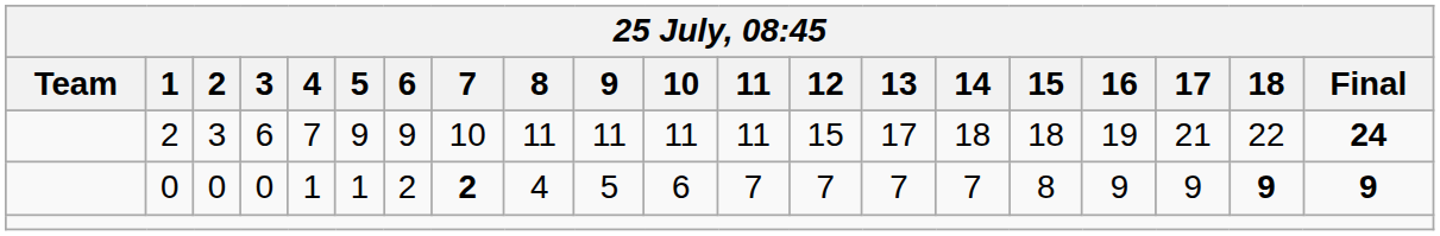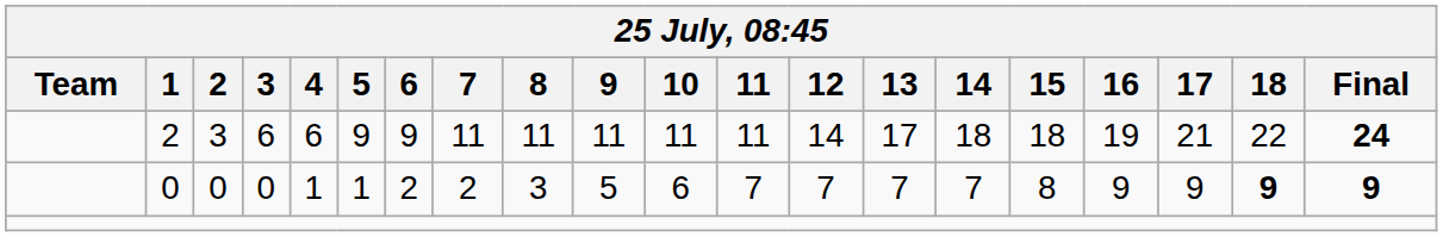 <table class=wikitable style="text-align:center; width: 55%">
 <tr>
 <th colspan=20><em>25 July, 08:45</em></th>
 </tr>
 <tr>
 <th>Team</th>
 <th>1</th>
 <th>2</th>
 <th>3</th>
 <th>4</th>
 <th>5</th>
 <th>6</th>
 <th>7</th>
 <th>8</th>
 <th>9</th>
 <th>10</th>
 <th>11</th>
 <th>12</th>
 <th>13</th>
 <th>14</th>
 <th>15</th>
 <th>16</th>
 <th>17</th>
 <th>18</th>
 <th>Final</th>
 </tr>
 <tr>
 <td align=left><strong></strong></td>
 <td>2</td>
 <td>3</td>
 <td>6</td>
-<td>7</td>
+<td>6</td>
 <td>9</td>
 <td>9</td>
-<td>10</td>
 <td>11</td>
 <td>11</td>
 <td>11</td>
 <td>11</td>
-<td>15</td>
+<td>11</td>
+<td>14</td>
 <td>17</td>
 <td>18</td>
 <td>18</td>
 <td>19</td>
 <td>21</td>
 <td>22</td>
 <td><strong>24</strong></td>
 </tr>
 <tr>
 <td align=left></td>
 <td>0</td>
 <td>0</td>
 <td>0</td>
 <td>1</td>
 <td>1</td>
 <td>2</td>
-<td><strong>2</strong></td>
-<td>4</td>
+<td>2</td>
+<td>3</td>
 <td>5</td>
 <td>6</td>
 <td>7</td>
 <td>7</td>
 <td>7</td>
 <td>7</td>
 <td>8</td>
 <td>9</td>
 <td>9</td>
 <td><strong>9</strong></td>
 <td><strong>9</strong></td>
 </tr>
 <tr>
 <td colspan=20></td>
 </tr>
 </table>
